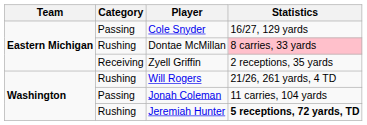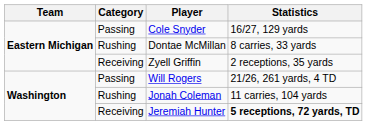 <table class="wikitable" style="float: right;">
 <tr>
 <th>Team</th>
 <th>Category</th>
 <th>Player</th>
 <th>Statistics</th>
 </tr>
 <tr>
 <td rowspan=3><strong>Eastern  Michigan</strong></td>
 <td>Passing</td>
 <td><a href='#'>Cole Snyder</a></td>
 <td>16/27, 129 yards</td>
 </tr>
 <tr>
 <td>Rushing</td>
 <td>Dontae McMillan</td>
-<td style="background: pink;">8 carries, 33 yards</td>
+<td>8 carries, 33 yards</td>
 </tr>
 <tr>
 <td>Receiving</td>
 <td>Zyell Griffin</td>
 <td>2 receptions, 35 yards</td>
 </tr>
 <tr>
 <td rowspan=3><strong>Washington</strong></td>
-<td>Rushing</td>
+<td>Passing</td>
 <td><a href='#'>Will Rogers</a></td>
 <td>21/26, 261 yards, 4 TD</td>
 </tr>
 <tr>
-<td>Passing</td>
+<td>Rushing</td>
 <td><a href='#'>Jonah Coleman</a></td>
 <td>11 carries, 104 yards</td>
 </tr>
 <tr>
-<td>Rushing</td>
+<td>Receiving</td>
 <td><a href='#'>Jeremiah Hunter</a></td>
 <td><strong>5 receptions, 72 yards, TD</strong></td>
 </tr>
 </table>
